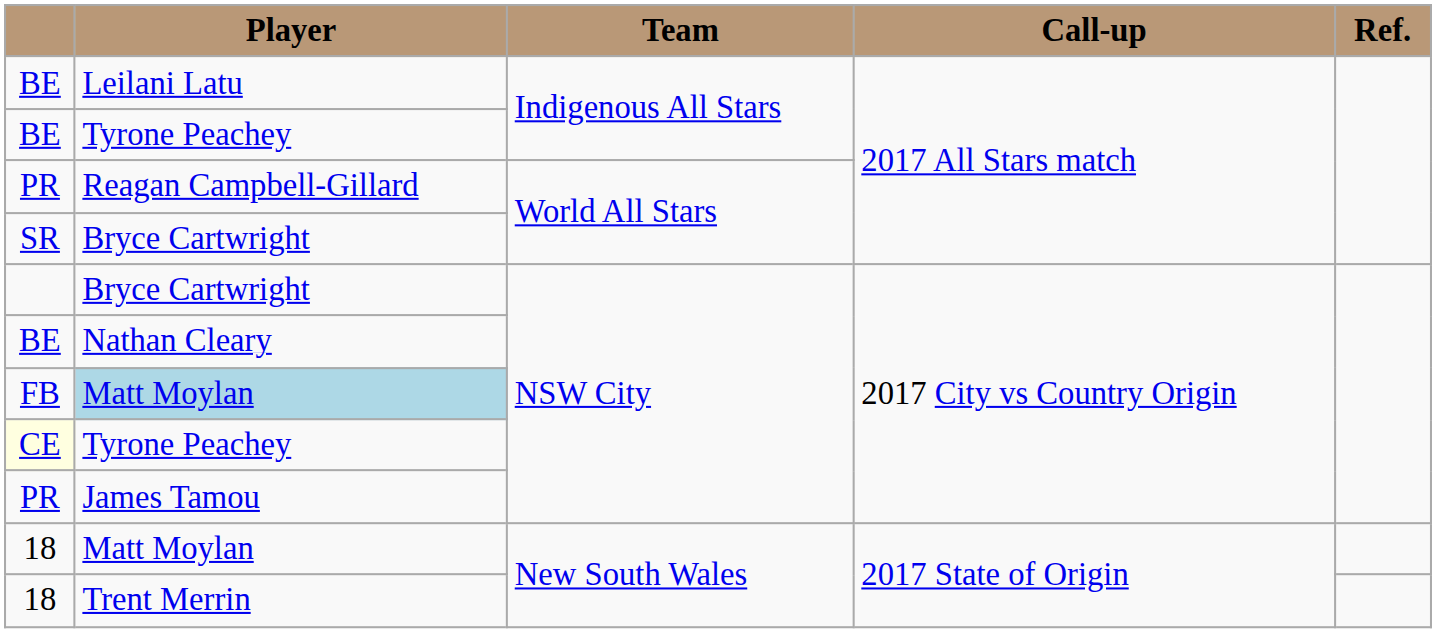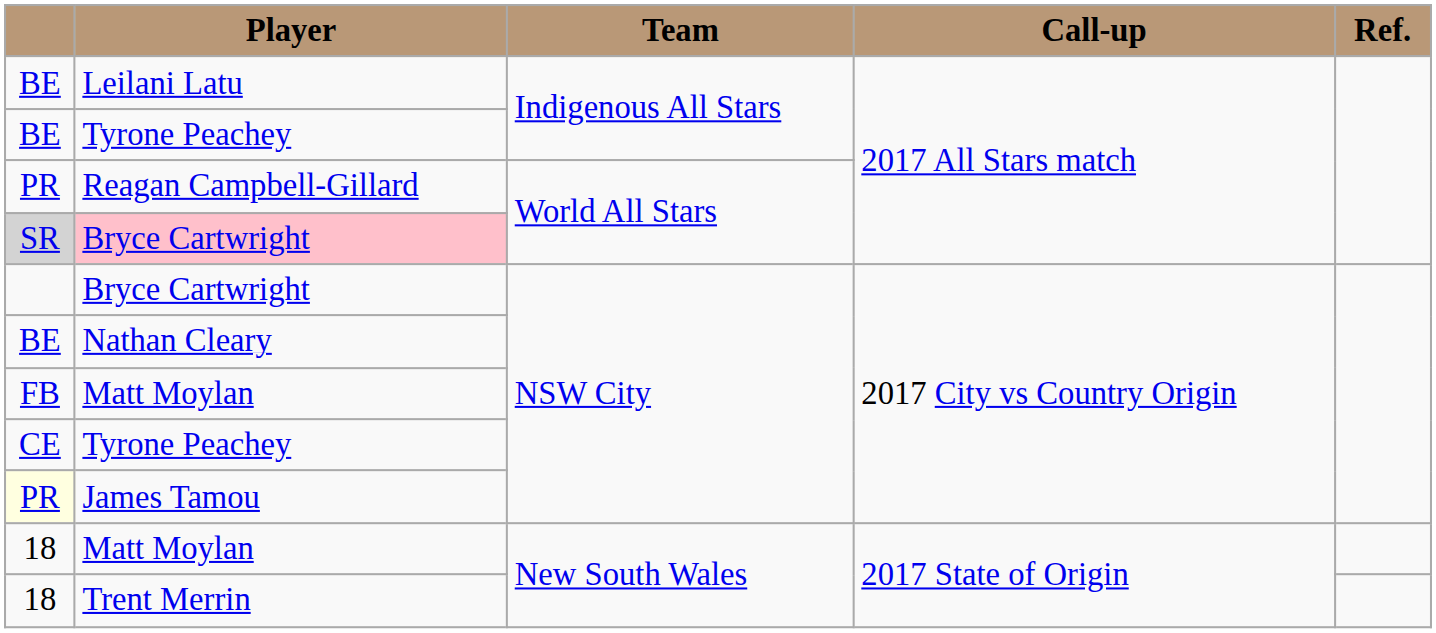 <table style="width:700px;" class="wikitable sortable">
 <tr style="background:#bdb76b;">
 </tr>
 <tr bgcolor=#bdb76b>
 <th style="background:#B99877; color:black; text-align:center;"></th>
 <th style="background:#B99877; color:black; text-align:center;">Player</th>
 <th style="background:#B99877; color:black; text-align:center;">Team</th>
 <th style="background:#B99877; color:black; text-align:center;">Call-up</th>
 <th style="background:#B99877; color:black; text-align:center;" width="40">Ref.</th>
 </tr>
 <tr>
 <td style="text-align:center"><a href='#'>BE</a></td>
 <td><a href='#'>Leilani Latu</a></td>
 <td rowspan="2"><a href='#'>Indigenous All Stars</a></td>
 <td rowspan="4"><a href='#'>2017 All Stars match</a></td>
 <td rowspan="4"></td>
 </tr>
 <tr>
 <td style="text-align:center"><a href='#'>BE</a></td>
 <td><a href='#'>Tyrone Peachey</a></td>
 </tr>
 <tr>
 <td style="text-align:center"><a href='#'>PR</a></td>
 <td><a href='#'>Reagan Campbell-Gillard</a></td>
 <td rowspan="2"><a href='#'>World All Stars</a></td>
 </tr>
 <tr>
-<td style="text-align:center"><a href='#'>SR</a></td>
-<td><a href='#'>Bryce Cartwright</a></td>
+<td style="background: lightgrey; text-align:center"><a href='#'>SR</a></td>
+<td style="background: pink;"><a href='#'>Bryce Cartwright</a></td>
 </tr>
 <tr>
 <td style="text-align:center"></td>
 <td><a href='#'>Bryce Cartwright</a></td>
 <td rowspan="5"> <a href='#'>NSW City</a></td>
 <td rowspan="5">2017 <a href='#'>City vs Country Origin</a></td>
 <td rowspan="5"></td>
 </tr>
 <tr>
 <td style="text-align:center"><a href='#'>BE</a></td>
 <td><a href='#'>Nathan Cleary</a></td>
 </tr>
 <tr>
 <td style="text-align:center"><a href='#'>FB</a></td>
-<td style="background: lightblue;"><a href='#'>Matt Moylan</a></td>
+<td><a href='#'>Matt Moylan</a></td>
 </tr>
 <tr>
-<td style="background: lightyellow; text-align:center"><a href='#'>CE</a></td>
+<td style="text-align:center"><a href='#'>CE</a></td>
 <td><a href='#'>Tyrone Peachey</a></td>
 </tr>
 <tr>
-<td style="text-align:center"><a href='#'>PR</a></td>
+<td style="background: lightyellow; text-align:center"><a href='#'>PR</a></td>
 <td><a href='#'>James Tamou</a></td>
 </tr>
 <tr>
 <td style="text-align:center">18</td>
 <td><a href='#'>Matt Moylan</a></td>
 <td rowspan="2"> <a href='#'>New South Wales</a></td>
 <td rowspan="2"><a href='#'>2017 State of Origin</a></td>
 <td></td>
 </tr>
 <tr>
 <td style="text-align:center">18</td>
 <td><a href='#'>Trent Merrin</a></td>
 <td></td>
 </tr>
 </table>
